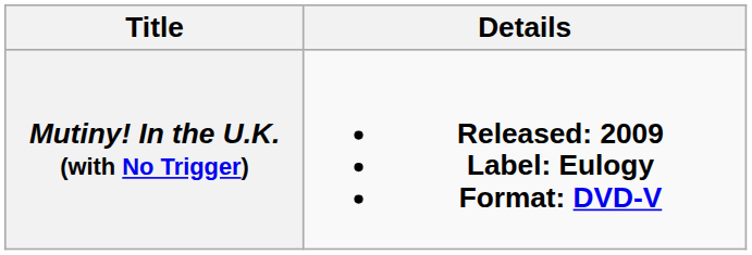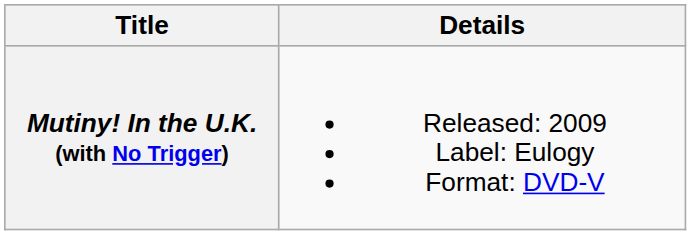 <table class="wikitable plainrowheaders" style="text-align:center;">
 <tr>
 <th rowspan="1" style="width:10em;">Title</th>
 <th rowspan="1" style="width:15em;">Details</th>
 </tr>
 <tr>
 <th scope="row"><em>Mutiny! In the U.K.</em><br><small>(with <a href='#'>No Trigger</a>)</small></th>
-<td><strong><br><ul><li>Released: 2009</li><li>Label: Eulogy</li><li>Format: <a href='#'>DVD-V</a></li></ul></strong></td>
+<td><br><ul><li>Released: 2009</li><li>Label: Eulogy</li><li>Format: <a href='#'>DVD-V</a></li></ul></td>
 </tr>
 </table>
